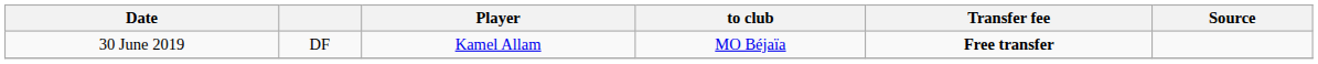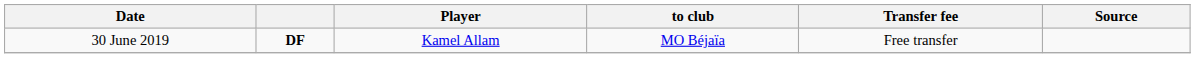 <table class="wikitable sortable" style="width:70%; text-align:center; font-size:85%; text-align:centre;">
 <tr>
 <th>Date</th>
 <th></th>
 <th>Player</th>
 <th>to club</th>
 <th>Transfer fee</th>
 <th>Source</th>
 </tr>
 <tr>
 <td>30 June 2019</td>
-<td>DF</td>
+<td><strong>DF</strong></td>
 <td> <a href='#'>Kamel Allam</a></td>
 <td><a href='#'>MO Béjaïa</a></td>
-<td><strong>Free transfer</strong></td>
+<td>Free transfer</td>
 <td></td>
 </tr>
 <tr>
 </tr>
 </table>
